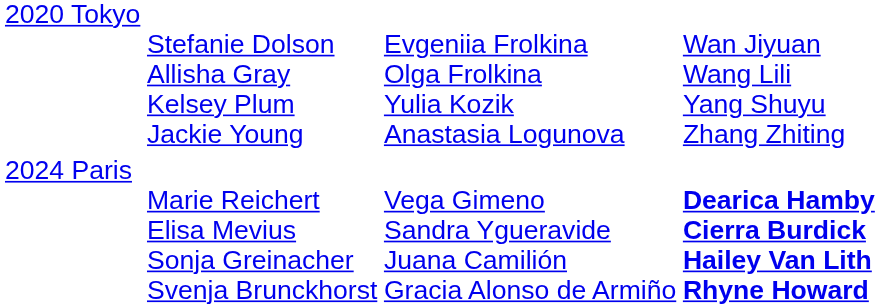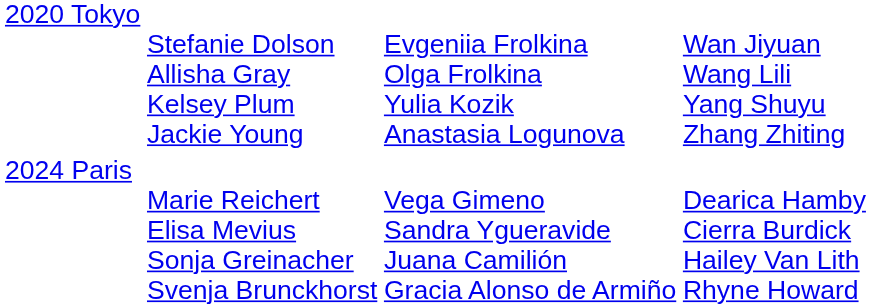 <table>
 <tr valign="top">
 <td><a href='#'>2020 Tokyo</a><br></td>
 <td><br><a href='#'>Stefanie Dolson</a><br><a href='#'>Allisha Gray</a><br><a href='#'>Kelsey Plum</a><br><a href='#'>Jackie Young</a></td>
 <td><br><a href='#'>Evgeniia Frolkina</a><br><a href='#'>Olga Frolkina</a><br><a href='#'>Yulia Kozik</a><br><a href='#'>Anastasia Logunova</a></td>
 <td><br><a href='#'>Wan Jiyuan</a><br><a href='#'>Wang Lili</a><br><a href='#'>Yang Shuyu</a><br><a href='#'>Zhang Zhiting</a></td>
 </tr>
 <tr valign="top">
 <td><a href='#'>2024 Paris</a><br></td>
 <td><br><a href='#'>Marie Reichert</a><br><a href='#'>Elisa Mevius</a><br><a href='#'>Sonja Greinacher</a><br><a href='#'>Svenja Brunckhorst</a></td>
 <td><br><a href='#'>Vega Gimeno</a><br><a href='#'>Sandra Ygueravide</a><br><a href='#'>Juana Camilión</a><br><a href='#'>Gracia Alonso de Armiño</a></td>
-<td><strong><br><a href='#'>Dearica Hamby</a><br><a href='#'>Cierra Burdick</a><br><a href='#'>Hailey Van Lith</a><br><a href='#'>Rhyne Howard</a></strong></td>
+<td><br><a href='#'>Dearica Hamby</a><br><a href='#'>Cierra Burdick</a><br><a href='#'>Hailey Van Lith</a><br><a href='#'>Rhyne Howard</a></td>
 </tr>
 </table>
